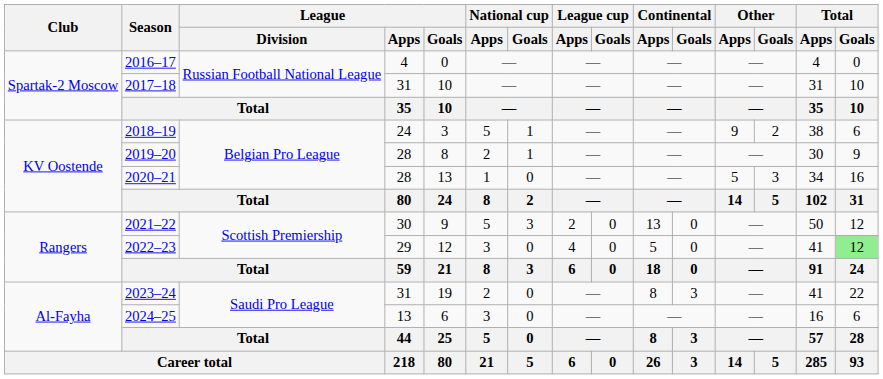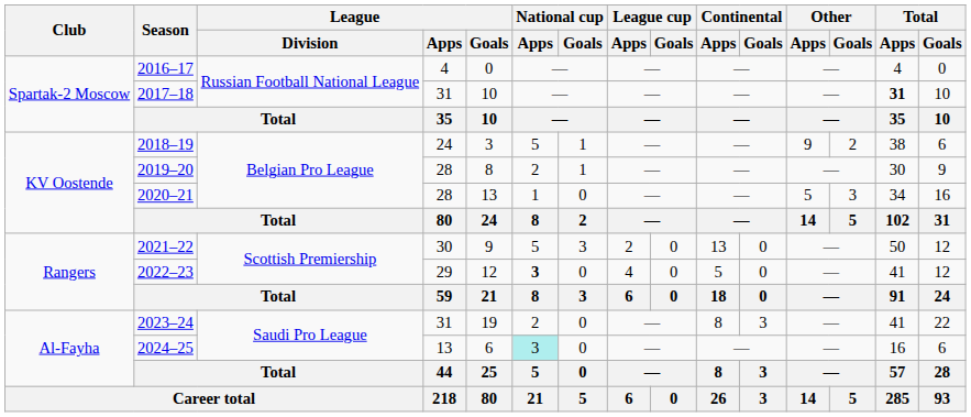 <table class="wikitable" style="text-align:center">
 <tr>
 <th rowspan="2">Club</th>
 <th rowspan="2">Season</th>
 <th colspan="3">League</th>
 <th colspan="2">National cup</th>
 <th colspan="2">League cup</th>
 <th colspan="2">Continental</th>
 <th colspan="2">Other</th>
 <th colspan="2">Total</th>
 </tr>
 <tr>
 <th>Division</th>
 <th>Apps</th>
 <th>Goals</th>
 <th>Apps</th>
 <th>Goals</th>
 <th>Apps</th>
 <th>Goals</th>
 <th>Apps</th>
 <th>Goals</th>
 <th>Apps</th>
 <th>Goals</th>
 <th>Apps</th>
 <th>Goals</th>
 </tr>
 <tr>
 <td rowspan="3"><a href='#'>Spartak-2 Moscow</a></td>
 <td><a href='#'>2016–17</a></td>
 <td rowspan="2"><a href='#'>Russian Football National League</a></td>
 <td>4</td>
 <td>0</td>
 <td colspan="2">—</td>
 <td colspan="2">—</td>
 <td colspan="2">—</td>
 <td colspan="2">—</td>
 <td>4</td>
 <td>0</td>
 </tr>
 <tr>
 <td><a href='#'>2017–18</a></td>
 <td>31</td>
 <td>10</td>
 <td colspan="2">—</td>
 <td colspan="2">—</td>
 <td colspan="2">—</td>
 <td colspan="2">—</td>
-<td>31</td>
+<td><strong>31</strong></td>
 <td>10</td>
 </tr>
 <tr>
 <th colspan="2">Total</th>
 <th>35</th>
 <th>10</th>
 <th colspan="2">—</th>
 <th colspan="2">—</th>
 <th colspan="2">—</th>
 <th colspan="2">—</th>
 <th>35</th>
 <th>10</th>
 </tr>
 <tr>
 <td rowspan="4"><a href='#'>KV Oostende</a></td>
 <td><a href='#'>2018–19</a></td>
 <td rowspan="3"><a href='#'>Belgian Pro League</a></td>
 <td>24</td>
 <td>3</td>
 <td>5</td>
 <td>1</td>
 <td colspan="2">—</td>
 <td colspan="2">—</td>
 <td>9</td>
 <td>2</td>
 <td>38</td>
 <td>6</td>
 </tr>
 <tr>
 <td><a href='#'>2019–20</a></td>
 <td>28</td>
 <td>8</td>
 <td>2</td>
 <td>1</td>
 <td colspan="2">—</td>
 <td colspan="2">—</td>
 <td colspan="2">—</td>
 <td>30</td>
 <td>9</td>
 </tr>
 <tr>
 <td><a href='#'>2020–21</a></td>
 <td>28</td>
 <td>13</td>
 <td>1</td>
 <td>0</td>
 <td colspan="2">—</td>
 <td colspan="2">—</td>
 <td>5</td>
 <td>3</td>
 <td>34</td>
 <td>16</td>
 </tr>
 <tr>
 <th colspan="2">Total</th>
 <th>80</th>
 <th>24</th>
 <th>8</th>
 <th>2</th>
 <th colspan="2">—</th>
 <th colspan="2">—</th>
 <th>14</th>
 <th>5</th>
 <th>102</th>
 <th>31</th>
 </tr>
 <tr>
 <td rowspan="3"><a href='#'>Rangers</a></td>
 <td><a href='#'>2021–22</a></td>
 <td rowspan="2"><a href='#'>Scottish Premiership</a></td>
 <td>30</td>
 <td>9</td>
 <td>5</td>
 <td>3</td>
 <td>2</td>
 <td>0</td>
 <td>13</td>
 <td>0</td>
 <td colspan="2">—</td>
 <td>50</td>
 <td>12</td>
 </tr>
 <tr>
 <td><a href='#'>2022–23</a></td>
 <td>29</td>
 <td>12</td>
-<td>3</td>
+<td><strong>3</strong></td>
 <td>0</td>
 <td>4</td>
 <td>0</td>
 <td>5</td>
 <td>0</td>
 <td colspan="2">—</td>
 <td>41</td>
-<td style="background: lightgreen;">12</td>
+<td>12</td>
 </tr>
 <tr>
 <th colspan="2">Total</th>
 <th>59</th>
 <th>21</th>
 <th>8</th>
 <th>3</th>
 <th>6</th>
 <th>0</th>
 <th>18</th>
 <th>0</th>
 <th colspan="2">—</th>
 <th>91</th>
 <th>24</th>
 </tr>
 <tr>
 <td rowspan="3"><a href='#'>Al-Fayha</a></td>
 <td><a href='#'>2023–24</a></td>
 <td rowspan="2"><a href='#'>Saudi Pro League</a></td>
 <td>31</td>
 <td>19</td>
 <td>2</td>
 <td>0</td>
 <td colspan="2">—</td>
 <td>8</td>
 <td>3</td>
 <td colspan="2">—</td>
 <td>41</td>
 <td>22</td>
 </tr>
 <tr>
 <td><a href='#'>2024–25</a></td>
 <td>13</td>
 <td>6</td>
-<td>3</td>
+<td style="background: paleturquoise;">3</td>
 <td>0</td>
 <td colspan="2">—</td>
 <td colspan="2">—</td>
 <td colspan="2">—</td>
 <td>16</td>
 <td>6</td>
 </tr>
 <tr>
 <th colspan="2">Total</th>
 <th>44</th>
 <th>25</th>
 <th>5</th>
 <th>0</th>
 <th colspan="2">—</th>
 <th>8</th>
 <th>3</th>
 <th colspan="2">—</th>
 <th>57</th>
 <th>28</th>
 </tr>
 <tr>
 <th colspan="3">Career total</th>
 <th>218</th>
 <th>80</th>
 <th>21</th>
 <th>5</th>
 <th>6</th>
 <th>0</th>
 <th>26</th>
 <th>3</th>
 <th>14</th>
 <th>5</th>
 <th>285</th>
 <th>93</th>
 </tr>
 </table>
